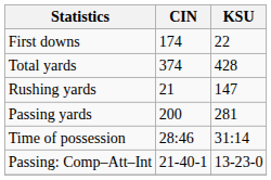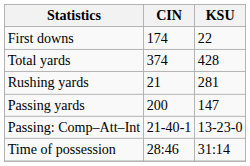 <table class="wikitable" style="float: left;">
 <tr>
 <th>Statistics</th>
 <th>CIN</th>
 <th>KSU</th>
 </tr>
 <tr>
 <td>First downs</td>
 <td>174</td>
 <td>22</td>
 </tr>
 <tr>
 <td>Total yards</td>
 <td>374</td>
 <td>428</td>
 </tr>
 <tr>
 <td>Rushing yards</td>
 <td>21</td>
-<td>147</td>
+<td>281</td>
 </tr>
 <tr>
 <td>Passing yards</td>
 <td>200</td>
-<td>281</td>
+<td>147</td>
+</tr>
+<tr>
+<td>Passing: Comp–Att–Int</td>
+<td>21-40-1</td>
+<td>13-23-0</td>
 </tr>
 <tr>
 <td>Time of possession</td>
 <td>28:46</td>
 <td>31:14</td>
 </tr>
 <tr>
-<td>Passing: Comp–Att–Int</td>
-<td>21-40-1</td>
-<td>13-23-0</td>
-</tr>
-<tr>
 </tr>
 </table>
